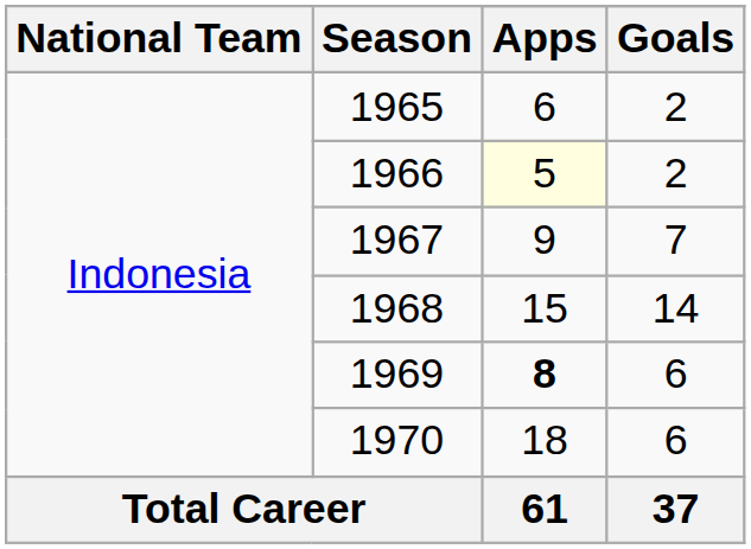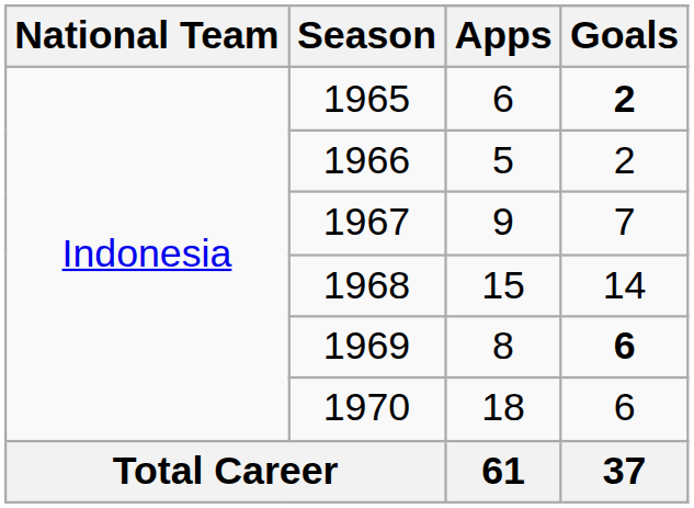 <table Class="wikitable" style="text-align: center;">
 <tr style="background:beige">
 <th rowspan="2">National Team</th>
 <th rowspan="2">Season</th>
 </tr>
 <tr style="background:beige">
 <th>Apps</th>
 <th>Goals</th>
 </tr>
 <tr>
 <td Rowspan="6"><a href='#'>Indonesia</a></td>
 <td>1965</td>
 <td>6</td>
-<td>2</td>
+<td><strong>2</strong></td>
 </tr>
 <tr>
 <td>1966</td>
-<td style="background: lightyellow;">5</td>
+<td>5</td>
 <td>2</td>
 </tr>
 <tr>
 <td>1967</td>
 <td>9</td>
 <td>7</td>
 </tr>
 <tr>
 <td>1968</td>
 <td>15</td>
 <td>14</td>
 </tr>
 <tr>
 <td>1969</td>
-<td><strong>8</strong></td>
-<td>6</td>
+<td>8</td>
+<td><strong>6</strong></td>
 </tr>
 <tr>
 <td>1970</td>
 <td>18</td>
 <td>6</td>
 </tr>
 <tr style="background:beige">
 <th colspan="2">Total Career</th>
 <th>61</th>
 <th>37</th>
 </tr>
 </table>
